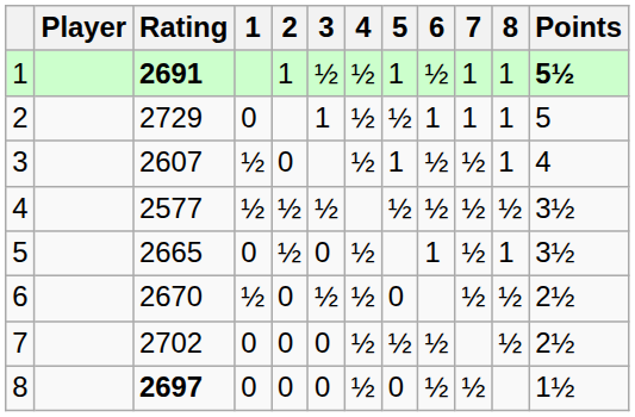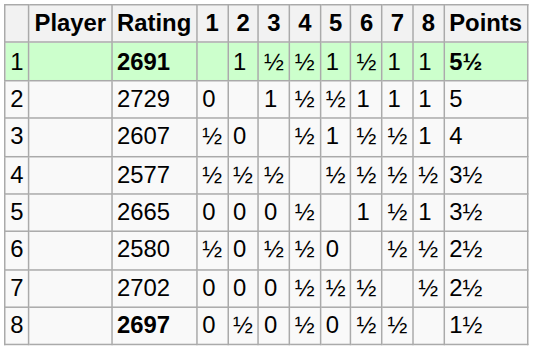 <table class=wikitable>
 <tr>
 <th></th>
 <th>Player</th>
 <th>Rating</th>
 <th>1</th>
 <th>2</th>
 <th>3</th>
 <th>4</th>
 <th>5</th>
 <th>6</th>
 <th>7</th>
 <th>8</th>
 <th>Points</th>
 </tr>
 <tr style="background:#ccffcc"|>
 <td>1</td>
 <td><strong></strong></td>
 <td><strong>2691</strong></td>
 <td></td>
 <td>1</td>
 <td>½</td>
 <td>½</td>
 <td>1</td>
 <td>½</td>
 <td>1</td>
 <td>1</td>
 <td><strong>5½</strong></td>
 </tr>
 <tr>
 <td>2</td>
 <td></td>
 <td>2729</td>
 <td>0</td>
 <td></td>
 <td>1</td>
 <td>½</td>
 <td>½</td>
 <td>1</td>
 <td>1</td>
 <td>1</td>
 <td>5</td>
 </tr>
 <tr>
 <td>3</td>
 <td></td>
 <td>2607</td>
 <td>½</td>
 <td>0</td>
 <td></td>
 <td>½</td>
 <td>1</td>
 <td>½</td>
 <td>½</td>
 <td>1</td>
 <td>4</td>
 </tr>
 <tr>
 <td>4</td>
 <td></td>
 <td>2577</td>
 <td>½</td>
 <td>½</td>
 <td>½</td>
 <td></td>
 <td>½</td>
 <td>½</td>
 <td>½</td>
 <td>½</td>
 <td>3½</td>
 </tr>
 <tr>
 <td>5</td>
 <td></td>
 <td>2665</td>
 <td>0</td>
-<td>½</td>
+<td>0</td>
 <td>0</td>
 <td>½</td>
 <td></td>
 <td>1</td>
 <td>½</td>
 <td>1</td>
 <td>3½</td>
 </tr>
 <tr>
 <td>6</td>
 <td></td>
-<td>2670</td>
+<td>2580</td>
 <td>½</td>
 <td>0</td>
 <td>½</td>
 <td>½</td>
 <td>0</td>
 <td></td>
 <td>½</td>
 <td>½</td>
 <td>2½</td>
 </tr>
 <tr>
 <td>7</td>
 <td></td>
 <td>2702</td>
 <td>0</td>
 <td>0</td>
 <td>0</td>
 <td>½</td>
 <td>½</td>
 <td>½</td>
 <td></td>
 <td>½</td>
 <td>2½</td>
 </tr>
 <tr>
 <td>8</td>
 <td></td>
 <td><strong>2697</strong></td>
 <td>0</td>
-<td>0</td>
+<td>½</td>
 <td>0</td>
 <td>½</td>
 <td>0</td>
 <td>½</td>
 <td>½</td>
 <td></td>
 <td>1½</td>
 </tr>
 </table>
